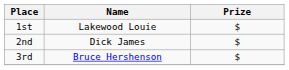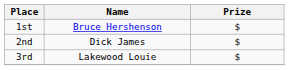 <table class="wikitable">
 <tr>
 <th width="50">Place</th>
 <th width="200">Name</th>
 <th width="125">Prize</th>
 </tr>
 <tr>
 <td align = "center">1st</td>
-<td align = "center">Lakewood Louie</td>
+<td align = "center"><a href='#'>Bruce Hershenson</a></td>
 <td align = "center">$</td>
 </tr>
 <tr>
 <td align = "center">2nd</td>
 <td align = "center">Dick James</td>
 <td align = "center">$</td>
 </tr>
 <tr>
 <td align = "center">3rd</td>
-<td align = "center"><a href='#'>Bruce Hershenson</a></td>
+<td align = "center">Lakewood Louie</td>
 <td align = "center">$</td>
 </tr>
 <tr>
 </tr>
 </table>
